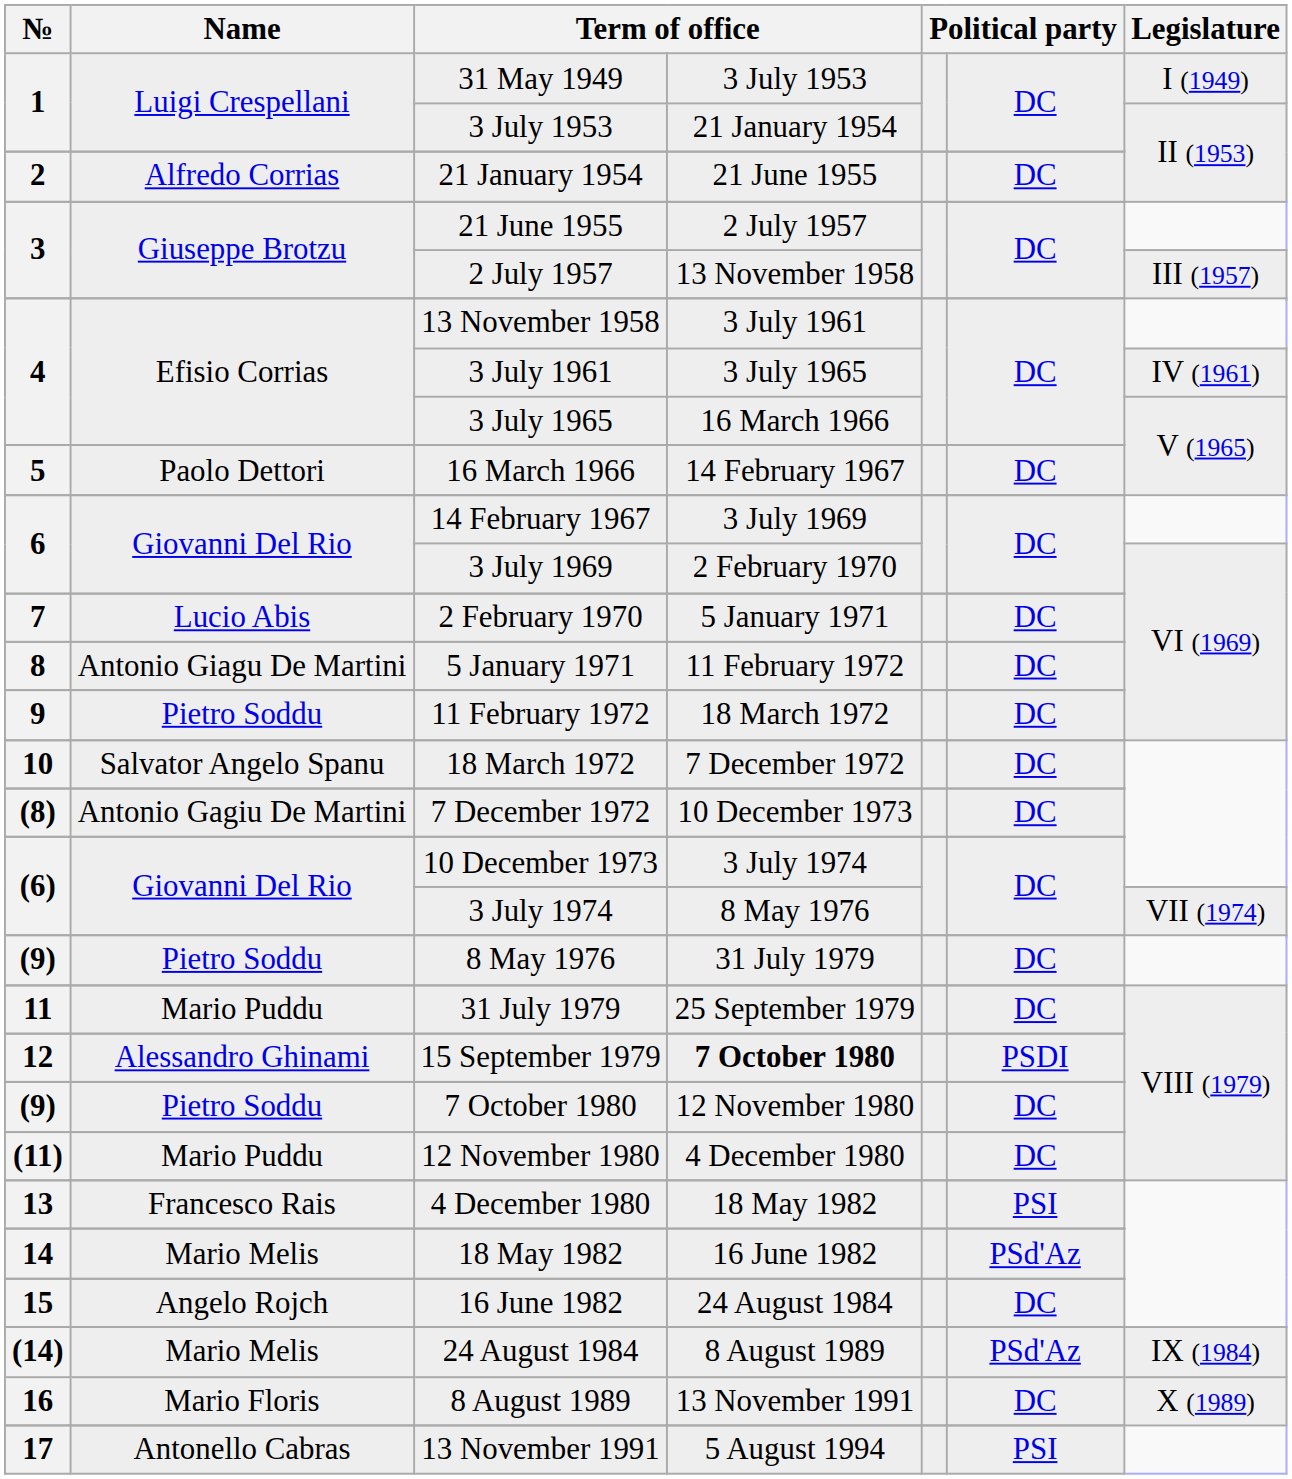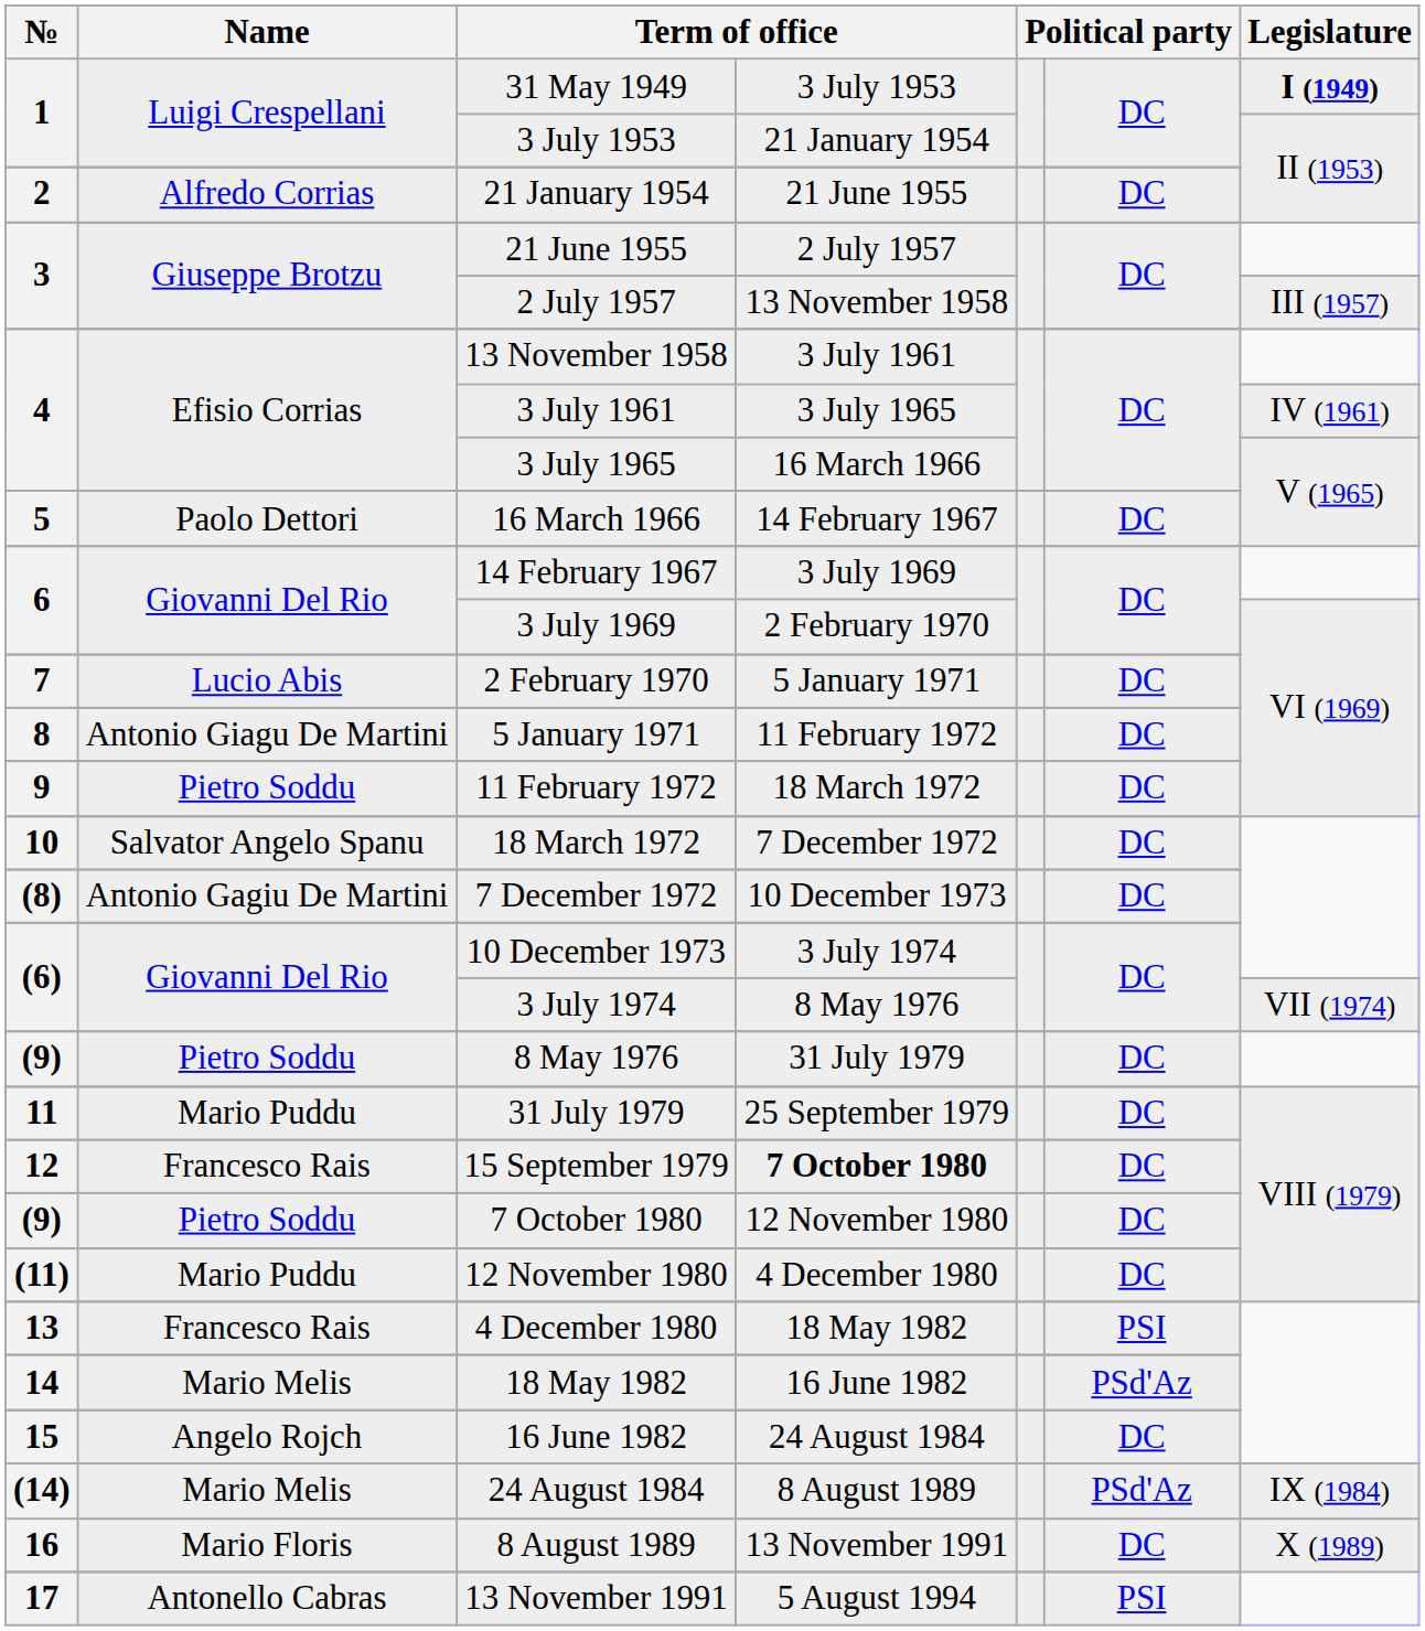 <table class="wikitable" style="text-align:center; border:1px #AAAAFF solid">
 <tr>
 <th>№</th>
 <th>Name</th>
 <th colspan=2>Term of office</th>
 <th colspan=2>Political party</th>
 <th>Legislature</th>
 </tr>
 <tr bgcolor=#EEEEEE>
 <th rowspan=2>1</th>
 <td rowspan=2><a href='#'>Luigi Crespellani</a></td>
 <td>31 May 1949</td>
 <td>3 July 1953</td>
 <td rowspan=2 style="background:"></td>
 <td rowspan=2><a href='#'>DC</a></td>
-<td bgcolor=#EEEEEE>I <small>(<a href='#'>1949</a>)</small></td>
+<td bgcolor=#EEEEEE><strong>I <small>(<a href='#'>1949</a>)</small></strong></td>
 </tr>
 <tr bgcolor=#EEEEEE>
 <td>3 July 1953</td>
 <td>21 January 1954</td>
 <td rowspan=3 bgcolor=#EEEEEE>II <small>(<a href='#'>1953</a>)</small></td>
 </tr>
 <tr>
 </tr>
 <tr bgcolor=#EEEEEE>
 <th>2</th>
 <td><a href='#'>Alfredo Corrias</a></td>
 <td>21 January 1954</td>
 <td>21 June 1955</td>
 <td style="background:"></td>
 <td><a href='#'>DC</a></td>
 </tr>
 <tr>
 </tr>
 <tr bgcolor=#EEEEEE>
 <th rowspan=2>3</th>
 <td rowspan=2><a href='#'>Giuseppe Brotzu</a></td>
 <td>21 June 1955</td>
 <td>2 July 1957</td>
 <td rowspan=2 style="background:"></td>
 <td rowspan=2><a href='#'>DC</a></td>
 </tr>
 <tr bgcolor=#EEEEEE>
 <td>2 July 1957</td>
 <td>13 November 1958</td>
 <td rowspan=2 bgcolor=#EEEEEE>III <small>(<a href='#'>1957</a>)</small></td>
 </tr>
 <tr>
 </tr>
 <tr bgcolor=#EEEEEE>
 <th rowspan=3>4</th>
 <td rowspan=3>Efisio Corrias</td>
 <td>13 November 1958</td>
 <td>3 July  1961</td>
 <td rowspan=3 style="background:"></td>
 <td rowspan=3><a href='#'>DC</a></td>
 </tr>
 <tr bgcolor=#EEEEEE>
 <td>3 July 1961</td>
 <td>3 July 1965</td>
 <td bgcolor=#EEEEEE>IV <small>(<a href='#'>1961</a>)</small></td>
 </tr>
 <tr bgcolor=#EEEEEE>
 <td>3 July 1965</td>
 <td>16 March 1966</td>
 <td rowspan=3 bgcolor=#EEEEEE>V <small>(<a href='#'>1965</a>)</small></td>
 </tr>
 <tr>
 </tr>
 <tr bgcolor=#EEEEEE>
 <th>5</th>
 <td>Paolo Dettori</td>
 <td>16 March 1966</td>
 <td>14 February 1967</td>
 <td style="background:"></td>
 <td><a href='#'>DC</a></td>
 </tr>
 <tr>
 </tr>
 <tr bgcolor=#EEEEEE>
 <th rowspan=2>6</th>
 <td rowspan=2><a href='#'>Giovanni Del Rio</a></td>
 <td>14 February 1967</td>
 <td>3 July 1969</td>
 <td rowspan=2 style="background:"></td>
 <td rowspan=2><a href='#'>DC</a></td>
 </tr>
 <tr bgcolor=#EEEEEE>
 <td>3 July 1969</td>
 <td>2 February 1970</td>
 <td rowspan=7 bgcolor=#EEEEEE>VI <small>(<a href='#'>1969</a>)</small></td>
 </tr>
 <tr>
 </tr>
 <tr bgcolor=#EEEEEE>
 <th>7</th>
 <td><a href='#'>Lucio Abis</a></td>
 <td>2 February 1970</td>
 <td>5 January 1971</td>
 <td style="background:"></td>
 <td><a href='#'>DC</a></td>
 </tr>
 <tr>
 </tr>
 <tr bgcolor=#EEEEEE>
 <th>8</th>
 <td>Antonio Giagu De Martini</td>
 <td>5 January 1971</td>
 <td>11 February 1972</td>
 <td style="background:"></td>
 <td><a href='#'>DC</a></td>
 </tr>
 <tr>
 </tr>
 <tr bgcolor=#EEEEEE>
 <th>9</th>
 <td><a href='#'>Pietro Soddu</a></td>
 <td>11 February 1972</td>
 <td>18 March 1972</td>
 <td style="background:"></td>
 <td><a href='#'>DC</a></td>
 </tr>
 <tr>
 </tr>
 <tr bgcolor=#EEEEEE>
 <th>10</th>
 <td>Salvator Angelo Spanu</td>
 <td>18 March 1972</td>
 <td>7 December 1972</td>
 <td style="background:"></td>
 <td><a href='#'>DC</a></td>
 </tr>
 <tr>
 </tr>
 <tr bgcolor=#EEEEEE>
 <th>(8)</th>
 <td>Antonio Gagiu De Martini</td>
 <td>7 December 1972</td>
 <td>10 December 1973</td>
 <td style="background:"></td>
 <td><a href='#'>DC</a></td>
 </tr>
 <tr>
 </tr>
 <tr bgcolor=#EEEEEE>
 <th rowspan=2>(6)</th>
 <td rowspan=2><a href='#'>Giovanni Del Rio</a></td>
 <td>10 December 1973</td>
 <td>3 July 1974</td>
 <td rowspan=2 style="background:"></td>
 <td rowspan=2><a href='#'>DC</a></td>
 </tr>
 <tr bgcolor=#EEEEEE>
 <td>3 July 1974</td>
 <td>8 May 1976</td>
 <td rowspan=2 bgcolor=#EEEEEE>VII <small>(<a href='#'>1974</a>)</small></td>
 </tr>
 <tr>
 </tr>
 <tr bgcolor=#EEEEEE>
 <th>(9)</th>
 <td><a href='#'>Pietro Soddu</a></td>
 <td>8 May 1976</td>
 <td>31 July 1979</td>
 <td style="background:"></td>
 <td><a href='#'>DC</a></td>
 </tr>
 <tr>
 </tr>
 <tr bgcolor=#EEEEEE>
 <th>11</th>
 <td>Mario Puddu</td>
 <td>31 July 1979</td>
 <td>25 September 1979</td>
 <td style="background:"></td>
 <td><a href='#'>DC</a></td>
 <td rowspan=7 bgcolor=#EEEEEE>VIII <small>(<a href='#'>1979</a>)</small></td>
 </tr>
 <tr>
 </tr>
 <tr bgcolor=#EEEEEE>
 <th>12</th>
-<td><a href='#'>Alessandro Ghinami</a></td>
+<td>Francesco Rais</td>
 <td>15 September 1979</td>
 <td><strong>7 October 1980</strong></td>
 <td style="background:"></td>
-<td><a href='#'>PSDI</a></td>
+<td><a href='#'>DC</a></td>
 </tr>
 <tr>
 </tr>
 <tr bgcolor=#EEEEEE>
 <th>(9)</th>
 <td><a href='#'>Pietro Soddu</a></td>
 <td>7 October 1980</td>
 <td>12 November 1980</td>
 <td style="background:"></td>
 <td><a href='#'>DC</a></td>
 </tr>
 <tr>
 </tr>
 <tr bgcolor=#EEEEEE>
 <th>(11)</th>
 <td>Mario Puddu</td>
 <td>12 November 1980</td>
 <td>4 December 1980</td>
 <td style="background:"></td>
 <td><a href='#'>DC</a></td>
 </tr>
 <tr>
 </tr>
 <tr bgcolor=#EEEEEE>
 <th>13</th>
 <td>Francesco Rais</td>
 <td>4 December 1980</td>
 <td>18 May 1982</td>
 <td style="background:"></td>
 <td><a href='#'>PSI</a></td>
 </tr>
 <tr>
 </tr>
 <tr bgcolor=#EEEEEE>
 <th>14</th>
 <td>Mario Melis</td>
 <td>18 May 1982</td>
 <td>16 June 1982</td>
 <td style="background:"></td>
 <td><a href='#'>PSd'Az</a></td>
 </tr>
 <tr>
 </tr>
 <tr bgcolor=#EEEEEE>
 <th>15</th>
 <td>Angelo Rojch</td>
 <td>16 June 1982</td>
 <td>24 August 1984</td>
 <td style="background:"></td>
 <td><a href='#'>DC</a></td>
 </tr>
 <tr>
 </tr>
 <tr bgcolor=#EEEEEE>
 <th>(14)</th>
 <td>Mario Melis</td>
 <td>24 August 1984</td>
 <td>8 August 1989</td>
 <td style="background:"></td>
 <td><a href='#'>PSd'Az</a></td>
 <td bgcolor=#EEEEEE>IX <small>(<a href='#'>1984</a>)</small></td>
 </tr>
 <tr bgcolor=#EEEEEE>
 <th>16</th>
 <td>Mario Floris</td>
 <td>8 August 1989</td>
 <td>13 November 1991</td>
 <td style="background:"></td>
 <td><a href='#'>DC</a></td>
 <td rowspan=2 bgcolor=#EEEEEE>X <small>(<a href='#'>1989</a>)</small></td>
 </tr>
 <tr>
 </tr>
 <tr bgcolor=#EEEEEE>
 <th>17</th>
 <td>Antonello Cabras</td>
 <td>13 November 1991</td>
 <td>5 August 1994</td>
 <td style="background:"></td>
 <td><a href='#'>PSI</a></td>
 </tr>
 </table>
